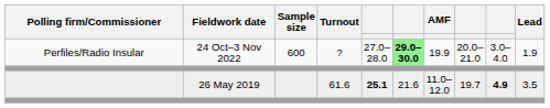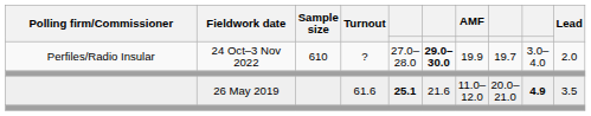 <table class="wikitable collapsible collapsed" style="text-align:center; font-size:95%; line-height:16px;">
 <tr style="height:42px;">
 <th style="width:250px;" rowspan="2">Polling firm/Commissioner</th>
 <th style="width:125px;" rowspan="2">Fieldwork date</th>
 <th style="width:50px;" rowspan="2">Sample size</th>
 <th style="width:45px;" rowspan="2">Turnout</th>
 <th style="width:35px;"></th>
 <th style="width:35px;"></th>
 <th style="width:35px;">AMF</th>
 <th style="width:35px;"></th>
 <th style="width:35px;"></th>
 <th style="width:30px;" rowspan="2">Lead</th>
 </tr>
 <tr>
 <th style="color:inherit;background:"></th>
 <th style="color:inherit;background:"></th>
 <th style="color:inherit;background:"></th>
 <th style="color:inherit;background:"></th>
 <th style="color:inherit;background:"></th>
 </tr>
 <tr>
 <td>Perfiles/Radio Insular</td>
 <td>24 Oct–3 Nov 2022</td>
-<td>600</td>
+<td>610</td>
 <td>?</td>
 <td>27.0–<br>28.0<br></td>
-<td style="background: lightgreen;"><strong>29.0–<br>30.0</strong><br></td>
+<td><strong>29.0–<br>30.0</strong><br></td>
 <td>19.9<br></td>
-<td>20.0–<br>21.0<br></td>
+<td>19.7<br></td>
 <td>3.0–<br>4.0<br></td>
-<td style="background:">1.9</td>
+<td style="background:">2.0</td>
 </tr>
 <tr>
 <td colspan="10" style="background:#A0A0A0"></td>
 </tr>
 <tr style="background:#EFEFEF;">
 <td><strong></strong></td>
 <td>26 May 2019</td>
 <td></td>
 <td>61.6</td>
 <td><strong>25.1</strong><br></td>
 <td>21.6<br></td>
 <td>11.0–<br>12.0<br></td>
-<td>19.7<br></td>
+<td>20.0–<br>21.0<br></td>
 <td><strong>4.9<br></strong></td>
 <td style="background:">3.5</td>
 </tr>
 <tr>
 <td colspan="10" style="background:#A0A0A0"></td>
 </tr>
 </table>
